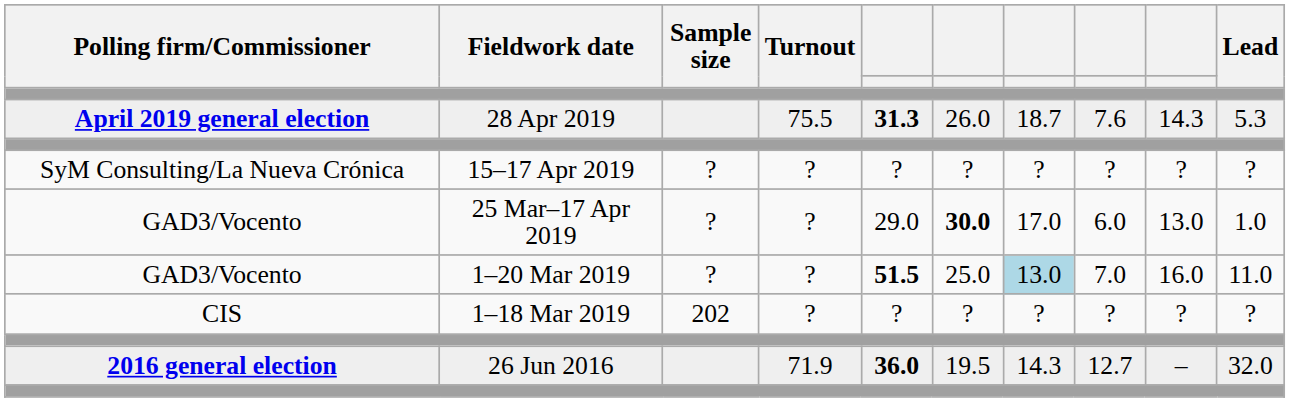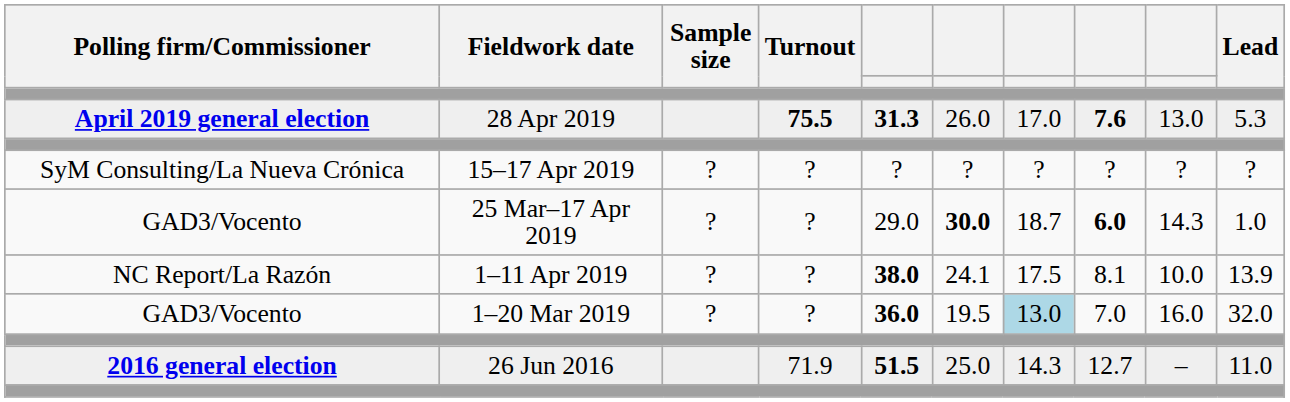 <table class="wikitable collapsible collapsed" style="text-align:center; font-size:95%; line-height:16px;">
 <tr style="height:42px;">
 <th style="width:250px;" rowspan="2">Polling firm/Commissioner</th>
 <th style="width:125px;" rowspan="2">Fieldwork date</th>
 <th style="width:50px;" rowspan="2">Sample size</th>
 <th style="width:45px;" rowspan="2">Turnout</th>
 <th style="width:35px;"></th>
 <th style="width:35px;"></th>
 <th style="width:35px;"></th>
 <th style="width:35px;"></th>
 <th style="width:35px;"></th>
 <th style="width:30px;" rowspan="2">Lead</th>
 </tr>
 <tr>
 <th style="color:inherit;background:"></th>
 <th style="color:inherit;background:"></th>
 <th style="color:inherit;background:"></th>
 <th style="color:inherit;background:"></th>
 <th style="color:inherit;background:"></th>
 </tr>
 <tr>
 <td colspan="10" style="background:#A0A0A0"></td>
 </tr>
 <tr style="background:#EFEFEF;">
 <td><strong><a href='#'>April 2019 general election</a></strong></td>
 <td>28 Apr 2019</td>
 <td></td>
-<td>75.5</td>
+<td><strong>75.5</strong></td>
 <td><strong>31.3</strong><br></td>
 <td>26.0<br></td>
-<td>18.7<br></td>
-<td>7.6<br></td>
-<td>14.3<br></td>
+<td>17.0<br></td>
+<td><strong>7.6<br></strong></td>
+<td>13.0<br></td>
 <td style="background:">5.3</td>
 </tr>
 <tr>
 <td colspan="10" style="background:#A0A0A0"></td>
 </tr>
 <tr>
 <td>SyM Consulting/La Nueva Crónica</td>
 <td>15–17 Apr 2019</td>
 <td>?</td>
 <td>?</td>
 <td>?<br></td>
 <td>?<br></td>
 <td>?<br></td>
 <td>?<br></td>
 <td>?<br></td>
 <td style="background:">?</td>
 </tr>
 <tr>
 <td>GAD3/Vocento</td>
 <td>25 Mar–17 Apr 2019</td>
 <td>?</td>
 <td>?</td>
 <td>29.0<br></td>
 <td><strong>30.0</strong><br></td>
-<td>17.0<br></td>
-<td>6.0<br></td>
-<td>13.0<br></td>
+<td>18.7<br></td>
+<td><strong>6.0<br></strong></td>
+<td>14.3<br></td>
 <td style="background:">1.0</td>
+</tr>
+<tr>
+<td>NC Report/La Razón</td>
+<td>1–11 Apr 2019</td>
+<td>?</td>
+<td>?</td>
+<td><strong>38.0</strong><br></td>
+<td>24.1<br></td>
+<td>17.5<br></td>
+<td>8.1<br></td>
+<td>10.0<br></td>
+<td style="background:">13.9</td>
 </tr>
 <tr>
 <td>GAD3/Vocento</td>
 <td>1–20 Mar 2019</td>
 <td>?</td>
 <td>?</td>
-<td><strong>51.5</strong><br></td>
-<td>25.0<br></td>
+<td><strong>36.0</strong><br></td>
+<td>19.5<br></td>
 <td style="background: lightblue;">13.0<br></td>
 <td>7.0<br></td>
 <td>16.0<br></td>
-<td style="background:">11.0</td>
-</tr>
-<tr>
-<td>CIS</td>
-<td>1–18 Mar 2019</td>
-<td>202</td>
-<td>?</td>
-<td>?<br></td>
-<td>?<br></td>
-<td>?<br></td>
-<td>?<br></td>
-<td>?<br></td>
-<td style="background:">?</td>
+<td style="background:">32.0</td>
 </tr>
 <tr>
 <td colspan="10" style="background:#A0A0A0"></td>
 </tr>
 <tr style="background:#EFEFEF;">
 <td><strong><a href='#'>2016 general election</a></strong></td>
 <td>26 Jun 2016</td>
 <td></td>
 <td>71.9</td>
-<td><strong>36.0</strong><br></td>
-<td>19.5<br></td>
+<td><strong>51.5</strong><br></td>
+<td>25.0<br></td>
 <td>14.3<br></td>
 <td>12.7<br></td>
 <td>–</td>
-<td style="background:">32.0</td>
+<td style="background:">11.0</td>
 </tr>
 <tr>
 <td colspan="10" style="background:#A0A0A0"></td>
 </tr>
 </table>
